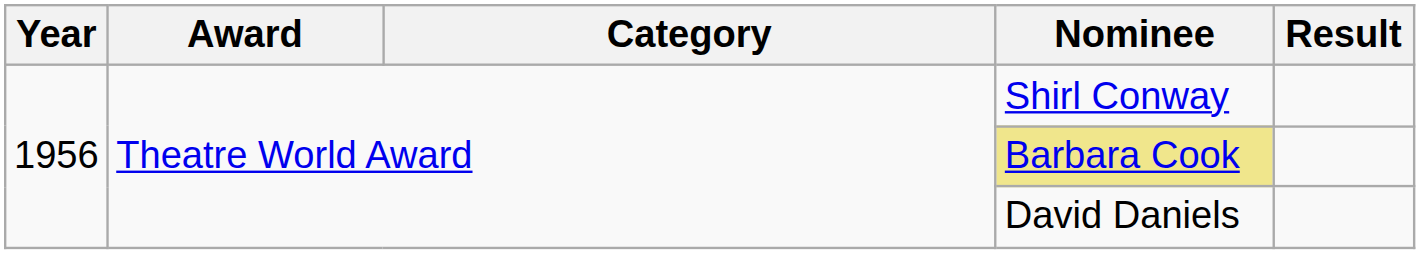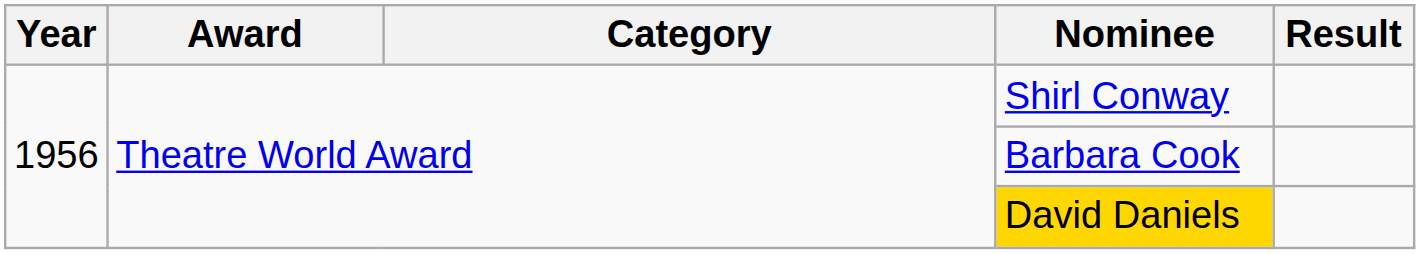 <table class="wikitable" width="95%">
 <tr>
 <th width="5%">Year</th>
 <th width="20%">Award</th>
 <th width="45%">Category</th>
 <th width="20%">Nominee</th>
 <th width="10%">Result</th>
 </tr>
 <tr>
 <td rowspan="3" align="center">1956</td>
 <td rowspan="3" colspan="2"><a href='#'>Theatre World Award</a></td>
 <td><a href='#'>Shirl Conway</a></td>
 <td></td>
 </tr>
 <tr>
-<td style="background: khaki;"><a href='#'>Barbara Cook</a></td>
+<td><a href='#'>Barbara Cook</a></td>
 <td></td>
 </tr>
 <tr>
-<td>David Daniels</td>
+<td style="background: gold;">David Daniels</td>
 <td></td>
 </tr>
 </table>
